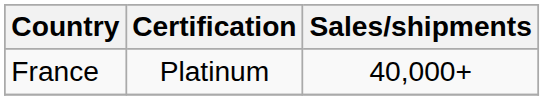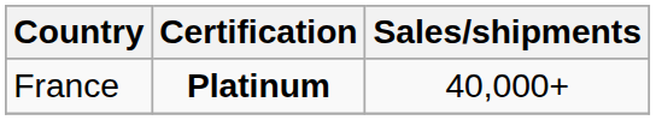 <table class="wikitable">
 <tr>
 <th align="left">Country</th>
 <th align="left">Certification</th>
 <th align="left">Sales/shipments</th>
 </tr>
 <tr>
 <td align="left">France</td>
-<td align="center">Platinum</td>
+<td align="center"><strong>Platinum</strong></td>
 <td align="center">40,000+</td>
 </tr>
 <tr>
 </tr>
 </table>
